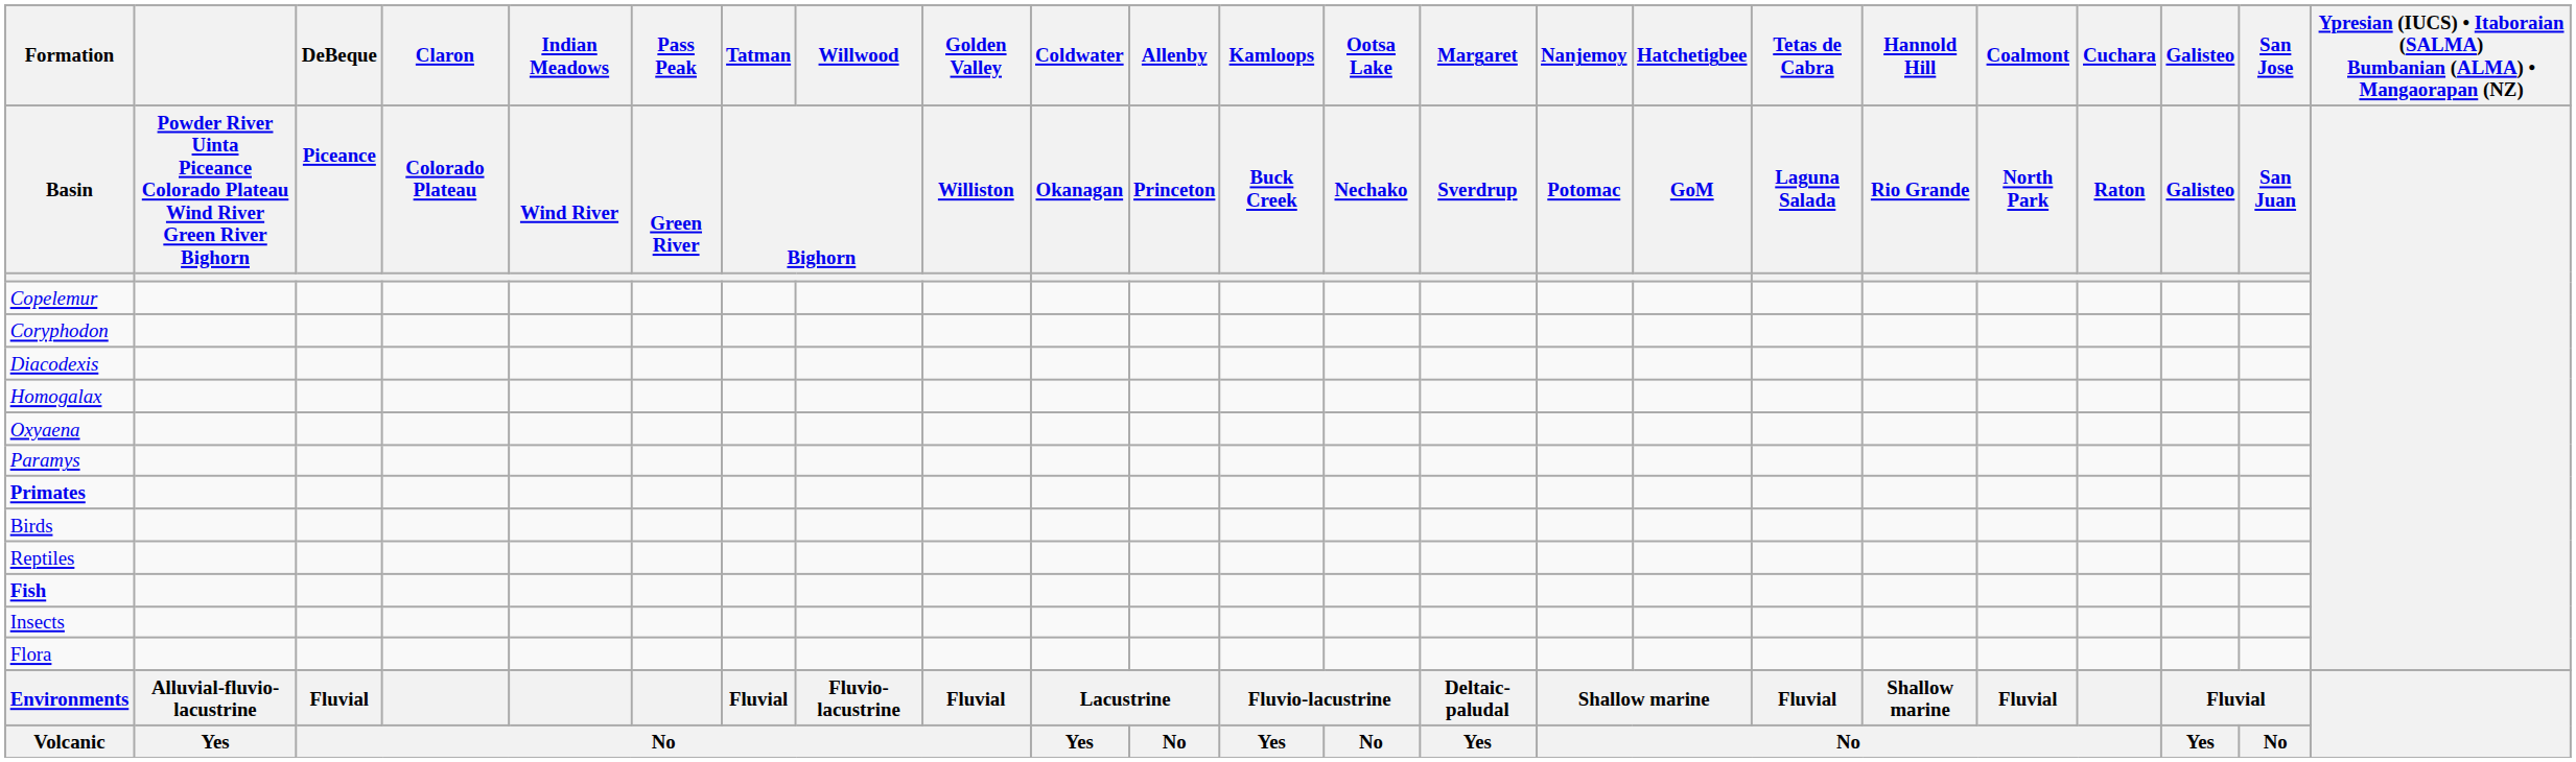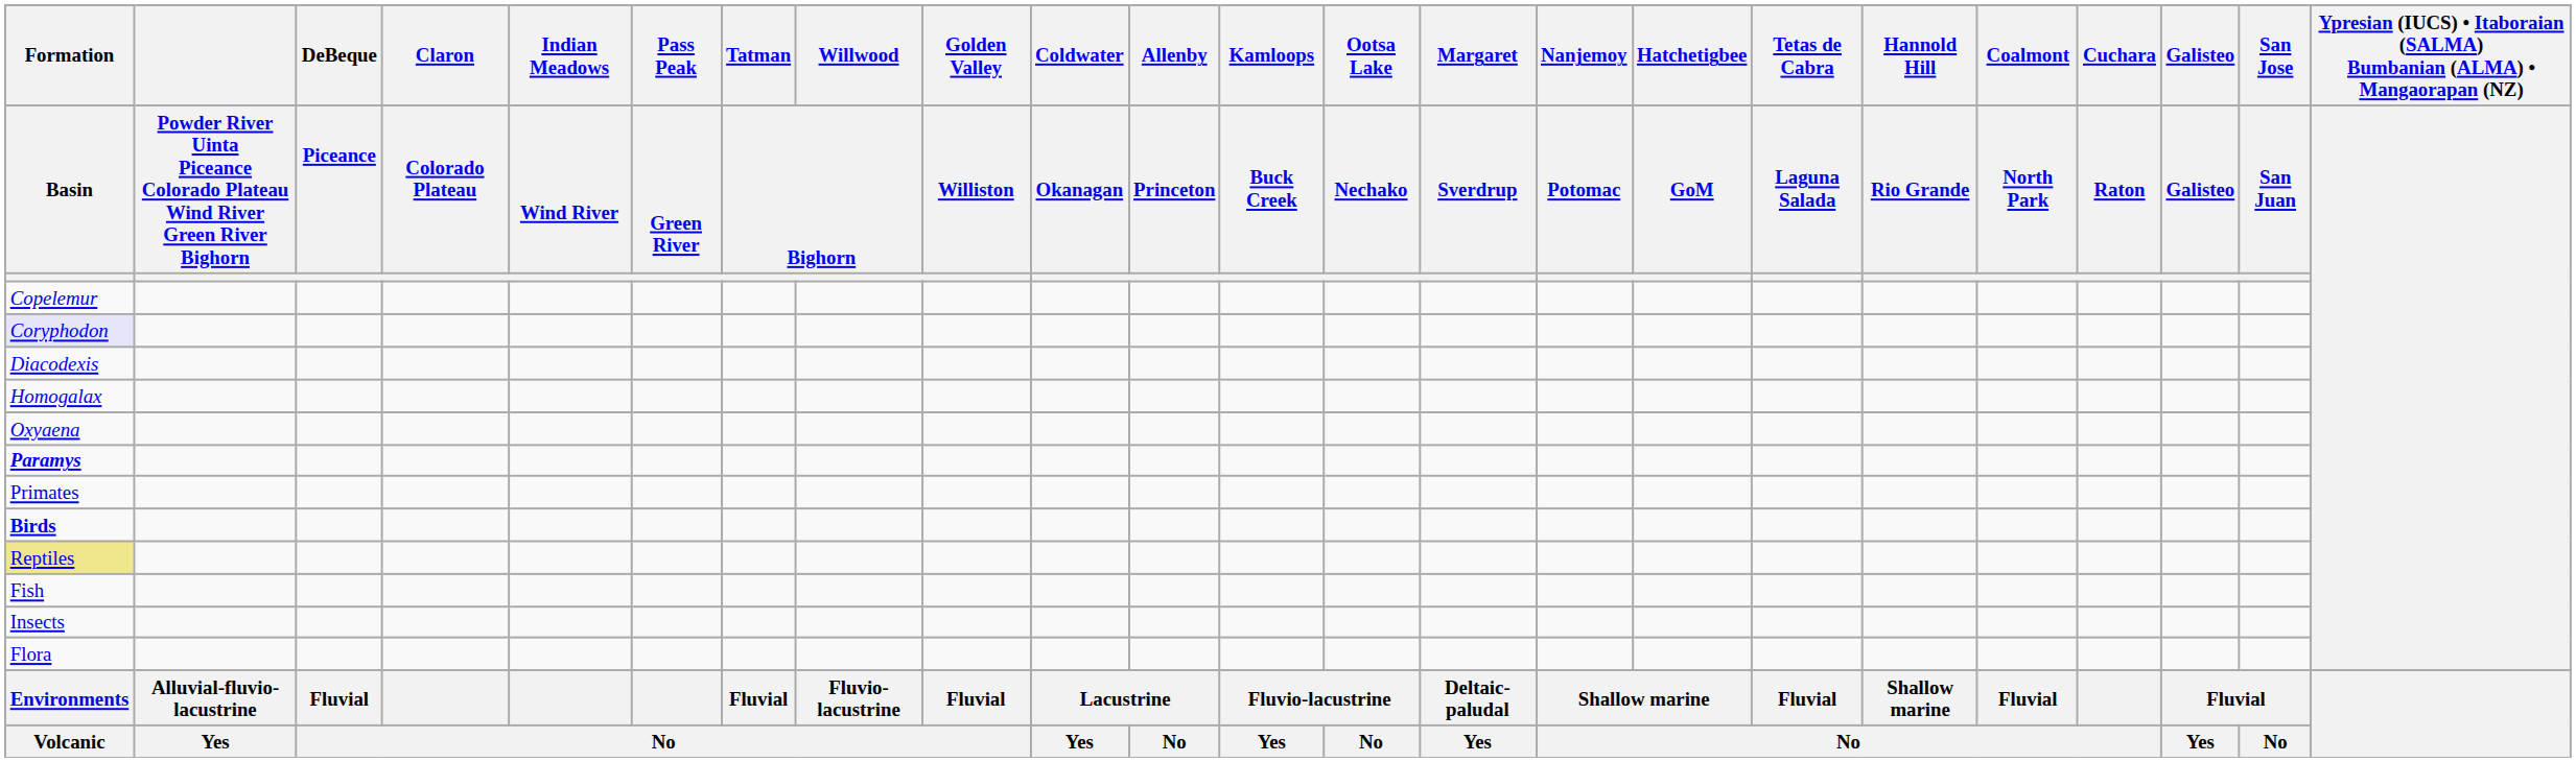 <table class="wikitable" style="font-size: 60%">
 <tr>
 <th>Formation</th>
 <th></th>
 <th>DeBeque</th>
 <th><a href='#'>Claron</a></th>
 <th><a href='#'>Indian Meadows</a></th>
 <th><a href='#'>Pass Peak</a></th>
 <th><a href='#'>Tatman</a></th>
 <th><a href='#'>Willwood</a></th>
 <th><a href='#'>Golden Valley</a></th>
 <th><a href='#'>Coldwater</a></th>
 <th><a href='#'>Allenby</a></th>
 <th><a href='#'>Kamloops</a></th>
 <th><a href='#'>Ootsa Lake</a></th>
 <th><a href='#'>Margaret</a></th>
 <th><a href='#'>Nanjemoy</a></th>
 <th><a href='#'>Hatchetigbee</a></th>
 <th><a href='#'>Tetas de Cabra</a></th>
 <th><a href='#'>Hannold Hill</a></th>
 <th><a href='#'>Coalmont</a></th>
 <th><a href='#'>Cuchara</a></th>
 <th><a href='#'>Galisteo</a></th>
 <th><a href='#'>San Jose</a></th>
 <th><a href='#'>Ypresian</a> (IUCS) • <a href='#'>Itaboraian</a> (<a href='#'>SALMA</a>)<br><a href='#'>Bumbanian</a> (<a href='#'>ALMA</a>) • <a href='#'>Mangaorapan</a> (NZ)</th>
 </tr>
 <tr>
 <th>Basin</th>
 <th><a href='#'>Powder River</a><br><a href='#'>Uinta</a><br><a href='#'>Piceance</a><br><a href='#'>Colorado Plateau</a><br><a href='#'>Wind River</a><br><a href='#'>Green River</a><br><a href='#'>Bighorn</a></th>
 <th><a href='#'>Piceance</a><br><br><br><br></th>
 <th><br><a href='#'>Colorado Plateau</a><br><br><br></th>
 <th><br><br><br><a href='#'>Wind River</a><br><br></th>
 <th><br><br><br><br><a href='#'>Green River</a><br></th>
 <th colspan=2><br><br><br><br><br><br><a href='#'>Bighorn</a></th>
 <th><a href='#'>Williston</a></th>
 <th><a href='#'>Okanagan</a></th>
 <th><a href='#'>Princeton</a></th>
 <th><a href='#'>Buck Creek</a></th>
 <th><a href='#'>Nechako</a></th>
 <th><a href='#'>Sverdrup</a></th>
 <th><a href='#'>Potomac</a></th>
 <th><a href='#'>GoM</a></th>
 <th><a href='#'>Laguna Salada</a></th>
 <th><a href='#'>Rio Grande</a></th>
 <th><a href='#'>North Park</a></th>
 <th><a href='#'>Raton</a></th>
 <th><a href='#'>Galisteo</a></th>
 <th><a href='#'>San Juan</a></th>
 <th align=center rowspan=14></th>
 </tr>
 <tr>
 <th></th>
 <th colspan=8></th>
 <th colspan=5></th>
 <th colspan=2></th>
 <th></th>
 <th colspan=5></th>
 </tr>
 <tr>
 <td><em><a href='#'>Copelemur</a></em></td>
 <td align=center></td>
 <td align=center></td>
 <td align=center></td>
 <td align=center></td>
 <td align=center></td>
 <td align=center></td>
 <td align=center></td>
 <td align=center></td>
 <td align=center></td>
 <td align=center></td>
 <td align=center></td>
 <td align=center></td>
 <td align=center></td>
 <td align=center></td>
 <td align=center></td>
 <td align=center></td>
 <td align=center></td>
 <td align=center></td>
 <td align=center></td>
 <td align=center></td>
 <td align=center></td>
 </tr>
 <tr>
-<td><em><a href='#'>Coryphodon</a></em></td>
+<td style="background: lavender;"><em><a href='#'>Coryphodon</a></em></td>
 <td align=center></td>
 <td align=center></td>
 <td align=center></td>
 <td align=center></td>
 <td align=center></td>
 <td align=center></td>
 <td align=center></td>
 <td align=center></td>
 <td align=center></td>
 <td align=center></td>
 <td align=center></td>
 <td align=center></td>
 <td align=center></td>
 <td align=center></td>
 <td align=center></td>
 <td align=center></td>
 <td align=center></td>
 <td align=center></td>
 <td align=center></td>
 <td align=center></td>
 <td align=center></td>
 </tr>
 <tr>
 <td><em><a href='#'>Diacodexis</a></em></td>
 <td align=center></td>
 <td align=center></td>
 <td align=center></td>
 <td align=center></td>
 <td align=center></td>
 <td align=center></td>
 <td align=center></td>
 <td align=center></td>
 <td align=center></td>
 <td align=center></td>
 <td align=center></td>
 <td align=center></td>
 <td align=center></td>
 <td align=center></td>
 <td align=center></td>
 <td align=center></td>
 <td align=center></td>
 <td align=center></td>
 <td align=center></td>
 <td align=center></td>
 <td align=center></td>
 </tr>
 <tr>
 <td><em><a href='#'>Homogalax</a></em></td>
 <td align=center></td>
 <td align=center></td>
 <td align=center></td>
 <td align=center></td>
 <td align=center></td>
 <td align=center></td>
 <td align=center></td>
 <td align=center></td>
 <td align=center></td>
 <td align=center></td>
 <td align=center></td>
 <td align=center></td>
 <td align=center></td>
 <td align=center></td>
 <td align=center></td>
 <td align=center></td>
 <td align=center></td>
 <td align=center></td>
 <td align=center></td>
 <td align=center></td>
 <td align=center></td>
 </tr>
 <tr>
 <td><em><a href='#'>Oxyaena</a></em></td>
 <td align=center></td>
 <td align=center></td>
 <td align=center></td>
 <td align=center></td>
 <td align=center></td>
 <td align=center></td>
 <td align=center></td>
 <td align=center></td>
 <td align=center></td>
 <td align=center></td>
 <td align=center></td>
 <td align=center></td>
 <td align=center></td>
 <td align=center></td>
 <td align=center></td>
 <td align=center></td>
 <td align=center></td>
 <td align=center></td>
 <td align=center></td>
 <td align=center></td>
 <td align=center></td>
 </tr>
 <tr>
-<td><em><a href='#'>Paramys</a></em></td>
+<td><strong><em><a href='#'>Paramys</a></em></strong></td>
 <td align=center></td>
 <td align=center></td>
 <td align=center></td>
 <td align=center></td>
 <td align=center></td>
 <td align=center></td>
 <td align=center></td>
 <td align=center></td>
 <td align=center></td>
 <td align=center></td>
 <td align=center></td>
 <td align=center></td>
 <td align=center></td>
 <td align=center></td>
 <td align=center></td>
 <td align=center></td>
 <td align=center></td>
 <td align=center></td>
 <td align=center></td>
 <td align=center></td>
 <td align=center></td>
 </tr>
 <tr>
-<td><strong><a href='#'>Primates</a></strong></td>
+<td><a href='#'>Primates</a></td>
 <td align=center></td>
 <td align=center></td>
 <td align=center></td>
 <td align=center></td>
 <td align=center></td>
 <td align=center></td>
 <td align=center></td>
 <td align=center></td>
 <td align=center></td>
 <td align=center></td>
 <td align=center></td>
 <td align=center></td>
 <td align=center></td>
 <td align=center></td>
 <td align=center></td>
 <td align=center></td>
 <td align=center></td>
 <td align=center></td>
 <td align=center></td>
 <td align=center></td>
 <td align=center></td>
 </tr>
 <tr>
-<td><a href='#'>Birds</a></td>
+<td><strong><a href='#'>Birds</a></strong></td>
 <td align=center></td>
 <td align=center></td>
 <td align=center></td>
 <td align=center></td>
 <td align=center></td>
 <td align=center></td>
 <td align=center></td>
 <td align=center></td>
 <td align=center></td>
 <td align=center></td>
 <td align=center></td>
 <td align=center></td>
 <td align=center></td>
 <td align=center></td>
 <td align=center></td>
 <td align=center></td>
 <td align=center></td>
 <td align=center></td>
 <td align=center></td>
 <td align=center></td>
 <td align=center></td>
 </tr>
 <tr>
-<td><a href='#'>Reptiles</a></td>
+<td style="background: khaki;"><a href='#'>Reptiles</a></td>
 <td align=center></td>
 <td align=center></td>
 <td align=center></td>
 <td align=center></td>
 <td align=center></td>
 <td align=center></td>
 <td align=center></td>
 <td align=center></td>
 <td align=center></td>
 <td align=center></td>
 <td align=center></td>
 <td align=center></td>
 <td align=center></td>
 <td align=center></td>
 <td align=center></td>
 <td align=center></td>
 <td align=center></td>
 <td align=center></td>
 <td align=center></td>
 <td align=center></td>
 <td align=center></td>
 </tr>
 <tr>
-<td><strong><a href='#'>Fish</a></strong></td>
+<td><a href='#'>Fish</a></td>
 <td align=center></td>
 <td align=center></td>
 <td align=center></td>
 <td align=center></td>
 <td align=center></td>
 <td align=center></td>
 <td align=center></td>
 <td align=center></td>
 <td align=center></td>
 <td align=center></td>
 <td align=center></td>
 <td align=center></td>
 <td align=center></td>
 <td align=center></td>
 <td align=center></td>
 <td align=center></td>
 <td align=center></td>
 <td align=center></td>
 <td align=center></td>
 <td align=center></td>
 <td align=center></td>
 </tr>
 <tr>
 <td><a href='#'>Insects</a></td>
 <td align=center></td>
 <td align=center></td>
 <td align=center></td>
 <td align=center></td>
 <td align=center></td>
 <td align=center></td>
 <td align=center></td>
 <td align=center></td>
 <td align=center></td>
 <td align=center></td>
 <td align=center></td>
 <td align=center></td>
 <td align=center></td>
 <td align=center></td>
 <td align=center></td>
 <td align=center></td>
 <td align=center></td>
 <td align=center></td>
 <td align=center></td>
 <td align=center></td>
 <td align=center></td>
 </tr>
 <tr>
 <td><a href='#'>Flora</a></td>
 <td align=center></td>
 <td align=center></td>
 <td align=center></td>
 <td align=center></td>
 <td align=center></td>
 <td align=center></td>
 <td align=center></td>
 <td align=center></td>
 <td align=center></td>
 <td align=center></td>
 <td align=center></td>
 <td align=center></td>
 <td align=center></td>
 <td align=center></td>
 <td align=center></td>
 <td align=center></td>
 <td align=center></td>
 <td align=center></td>
 <td align=center></td>
 <td align=center></td>
 <td align=center></td>
 </tr>
 <tr>
 <th><a href='#'>Environments</a></th>
 <th>Alluvial-fluvio-lacustrine</th>
 <th>Fluvial</th>
 <th></th>
 <th></th>
 <th></th>
 <th>Fluvial</th>
 <th>Fluvio-lacustrine</th>
 <th>Fluvial</th>
 <th colspan=2>Lacustrine</th>
 <th colspan=2>Fluvio-lacustrine</th>
 <th>Deltaic-paludal</th>
 <th colspan=2>Shallow marine</th>
 <th>Fluvial</th>
 <th>Shallow marine</th>
 <th>Fluvial</th>
 <th></th>
 <th colspan=2>Fluvial</th>
 <th rowspan=2 align=left><br><br></th>
 </tr>
 <tr>
 <th>Volcanic</th>
 <th>Yes</th>
 <th colspan=7>No</th>
 <th>Yes</th>
 <th>No</th>
 <th>Yes</th>
 <th>No</th>
 <th>Yes</th>
 <th colspan=6>No</th>
 <th>Yes</th>
 <th>No</th>
 </tr>
 <tr>
 </tr>
 </table>
